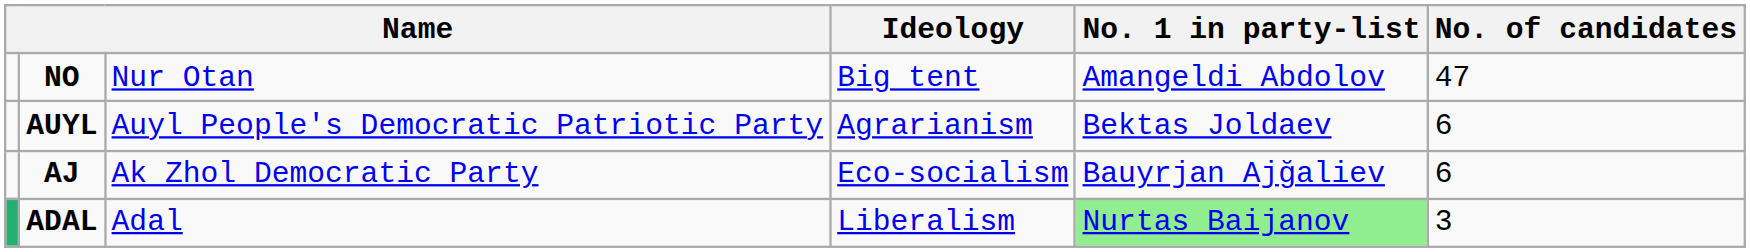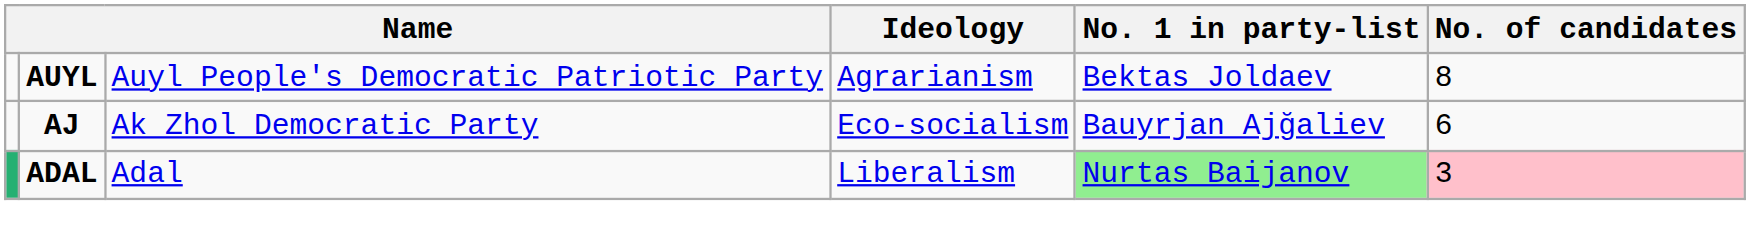 <table class="wikitable">
 <tr>
 <th colspan="3">Name</th>
 <th>Ideology</th>
 <th>No. 1 in party-list</th>
 <th>No. of candidates</th>
 </tr>
 <tr>
 <td></td>
-<td align="center"><strong>NO</strong></td>
-<td><a href='#'>Nur Otan</a></td>
-<td><a href='#'>Big tent</a></td>
-<td><a href='#'>Amangeldi Abdolov</a></td>
-<td>47</td>
-</tr>
-<tr>
-<td></td>
 <td align="center"><strong>AUYL</strong></td>
 <td><a href='#'>Auyl People's Democratic Patriotic Party</a></td>
 <td><a href='#'>Agrarianism</a></td>
 <td><a href='#'>Bektas Joldaev</a></td>
-<td>6</td>
+<td>8</td>
 </tr>
 <tr>
 <td></td>
 <td align="center"><strong>AJ</strong></td>
 <td><a href='#'>Ak Zhol Democratic Party</a></td>
 <td><a href='#'>Eco-socialism</a></td>
 <td><a href='#'>Bauyrjan Ajğaliev</a></td>
 <td>6</td>
 </tr>
 <tr>
 <td bgcolor="#25B072"></td>
 <td align="center"><strong>ADAL</strong></td>
 <td><a href='#'>Adal</a></td>
 <td><a href='#'>Liberalism</a></td>
 <td style="background: lightgreen;"><a href='#'>Nurtas Baijanov</a></td>
-<td>3</td>
+<td style="background: pink;">3</td>
 </tr>
 </table>
